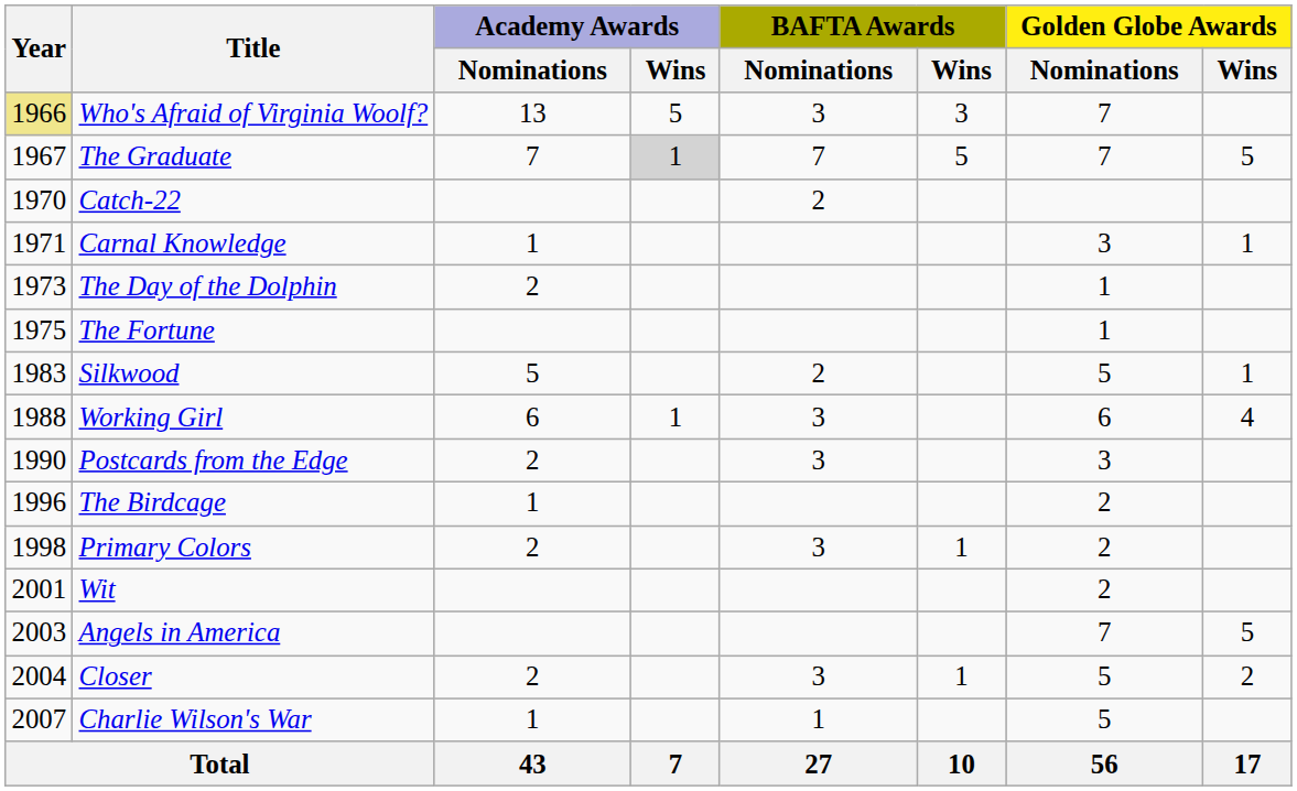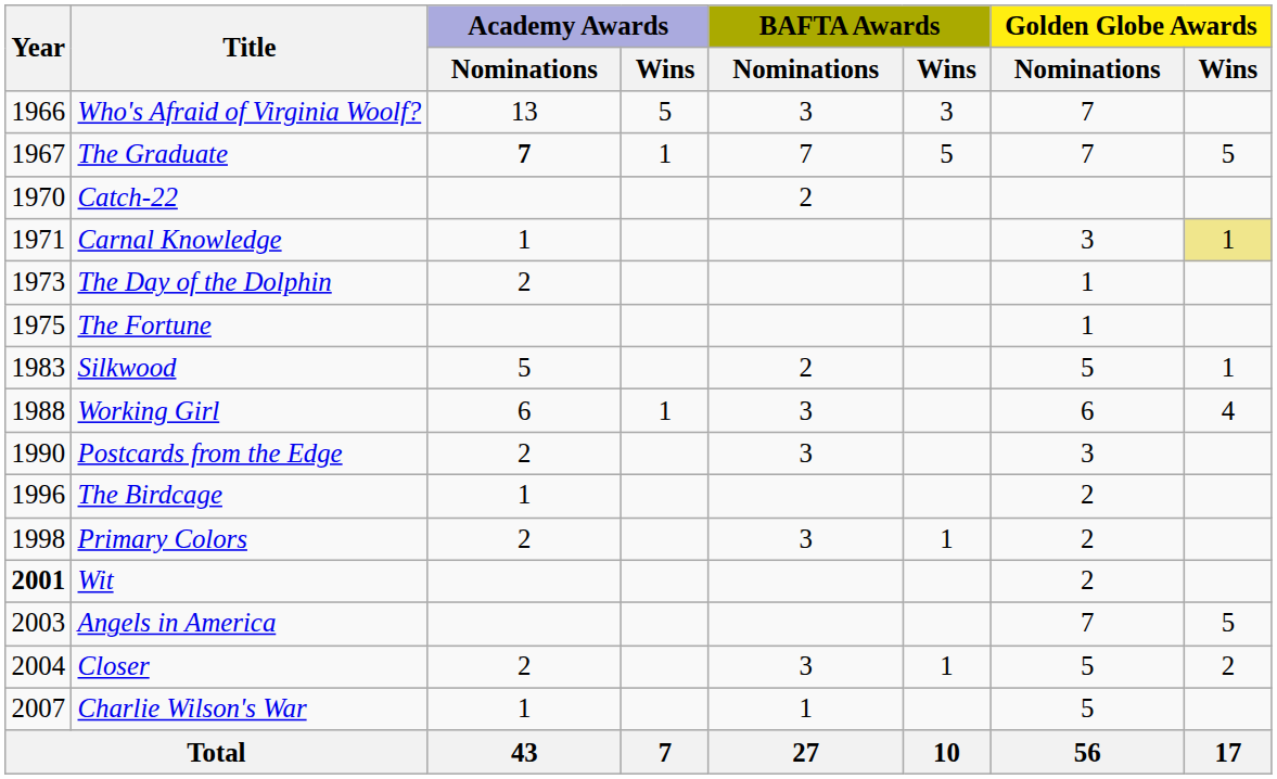 <table class="wikitable">
 <tr>
 <th rowspan="2">Year</th>
 <th rowspan="2">Title</th>
 <th colspan="2" style="background-color:#aaaade; text-align:center;" width=160>Academy Awards</th>
 <th colspan="2" style="background-color:#aa0; text-align:center;" width=160>BAFTA Awards</th>
 <th colspan="2" style="background-color:#fe1; text-align:center;" width=160>Golden Globe Awards</th>
 </tr>
 <tr>
 <th>Nominations</th>
 <th>Wins</th>
 <th>Nominations</th>
 <th>Wins</th>
 <th>Nominations</th>
 <th>Wins</th>
 </tr>
 <tr>
-<td style="background: khaki;">1966</td>
+<td>1966</td>
 <td><em><a href='#'>Who's Afraid of Virginia Woolf?</a></em></td>
 <td align=center>13</td>
 <td align=center>5</td>
 <td align=center>3</td>
 <td align=center>3</td>
 <td align=center>7</td>
 <td></td>
 </tr>
 <tr>
 <td>1967</td>
 <td><em><a href='#'>The Graduate</a></em></td>
-<td align=center>7</td>
-<td align=center style="background: lightgrey;">1</td>
+<td align=center><strong>7</strong></td>
+<td align=center>1</td>
 <td align=center>7</td>
 <td align=center>5</td>
 <td align=center>7</td>
 <td align=center>5</td>
 </tr>
 <tr>
 <td>1970</td>
 <td><em><a href='#'>Catch-22</a></em></td>
 <td></td>
 <td></td>
 <td align=center>2</td>
 <td></td>
 <td></td>
 <td></td>
 </tr>
 <tr>
 <td>1971</td>
 <td><em><a href='#'>Carnal Knowledge</a></em></td>
 <td align=center>1</td>
 <td></td>
 <td></td>
 <td></td>
 <td align=center>3</td>
-<td align=center>1</td>
+<td align=center style="background: khaki;">1</td>
 </tr>
 <tr>
 <td>1973</td>
 <td><em><a href='#'>The Day of the Dolphin</a></em></td>
 <td align=center>2</td>
 <td></td>
 <td></td>
 <td></td>
 <td align=center>1</td>
 <td></td>
 </tr>
 <tr>
 <td>1975</td>
 <td><em><a href='#'>The Fortune</a></em></td>
 <td></td>
 <td></td>
 <td></td>
 <td></td>
 <td align=center>1</td>
 <td></td>
 </tr>
 <tr>
 <td>1983</td>
 <td><em><a href='#'>Silkwood</a></em></td>
 <td align=center>5</td>
 <td></td>
 <td align=center>2</td>
 <td></td>
 <td align=center>5</td>
 <td align=center>1</td>
 </tr>
 <tr>
 <td>1988</td>
 <td><em><a href='#'>Working Girl</a></em></td>
 <td align=center>6</td>
 <td align=center>1</td>
 <td align=center>3</td>
 <td></td>
 <td align=center>6</td>
 <td align=center>4</td>
 </tr>
 <tr>
 <td>1990</td>
 <td><em><a href='#'>Postcards from the Edge</a></em></td>
 <td align=center>2</td>
 <td></td>
 <td align=center>3</td>
 <td></td>
 <td align=center>3</td>
 <td></td>
 </tr>
 <tr>
 <td>1996</td>
 <td><em><a href='#'>The Birdcage</a></em></td>
 <td align=center>1</td>
 <td></td>
 <td></td>
 <td></td>
 <td align=center>2</td>
 <td></td>
 </tr>
 <tr>
 <td>1998</td>
 <td><em><a href='#'>Primary Colors</a></em></td>
 <td align=center>2</td>
 <td></td>
 <td align=center>3</td>
 <td align=center>1</td>
 <td align=center>2</td>
 <td></td>
 </tr>
 <tr>
-<td>2001</td>
+<td><strong>2001</strong></td>
 <td><em><a href='#'>Wit</a></em></td>
 <td></td>
 <td></td>
 <td></td>
 <td></td>
 <td align=center>2</td>
 <td></td>
 </tr>
 <tr>
 <td>2003</td>
 <td><em><a href='#'>Angels in America</a></em></td>
 <td></td>
 <td></td>
 <td></td>
 <td></td>
 <td align=center>7</td>
 <td align=center>5</td>
 </tr>
 <tr>
 <td>2004</td>
 <td><em><a href='#'>Closer</a></em></td>
 <td align=center>2</td>
 <td></td>
 <td align=center>3</td>
 <td align=center>1</td>
 <td align=center>5</td>
 <td align=center>2</td>
 </tr>
 <tr>
 <td>2007</td>
 <td><em><a href='#'>Charlie Wilson's War</a></em></td>
 <td align=center>1</td>
 <td></td>
 <td align=center>1</td>
 <td></td>
 <td align=center>5</td>
 <td></td>
 </tr>
 <tr>
 <th colspan="2">Total</th>
 <th align=center>43</th>
 <th align=center>7</th>
 <th align=center>27</th>
 <th align=center>10</th>
 <th align=center>56</th>
 <th align=center>17</th>
 </tr>
 </table>
